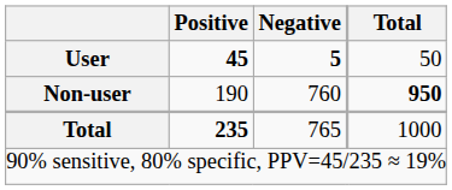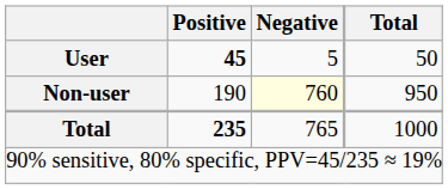 <table class="wikitable" style="display:inline-table;">
 <tr>
 <th></th>
 <th style="width:5ex;">Positive</th>
 <th style="width:5ex;">Negative</th>
 <th rowspan="5" style="padding:0;"></th>
 <th>Total</th>
 </tr>
 <tr>
 <th>User</th>
 <td style="text-align:right"><strong>45</strong></td>
-<td style="text-align:right"><strong>5</strong></td>
+<td style="text-align:right">5</td>
 <td style="text-align:right">50</td>
 </tr>
 <tr>
 <th>Non-user</th>
 <td style="text-align:right">190</td>
-<td style="text-align:right">760</td>
-<td style="text-align:right"><strong>950</strong></td>
+<td style="background: lightyellow; text-align:right">760</td>
+<td style="text-align:right">950</td>
 </tr>
 <tr>
 <td colspan="5" style="padding:0;"></td>
 </tr>
 <tr>
 <th>Total</th>
 <td style="text-align:right"><strong>235</strong></td>
 <td style="text-align:right">765</td>
 <td style="text-align:right">1000</td>
 </tr>
 <tr>
 <td colspan="5" style="padding:0 0 1ex 0;border:none;background:transparent;">90% sensitive, 80% specific, PPV=45/235 ≈ 19%</td>
 </tr>
 </table>
